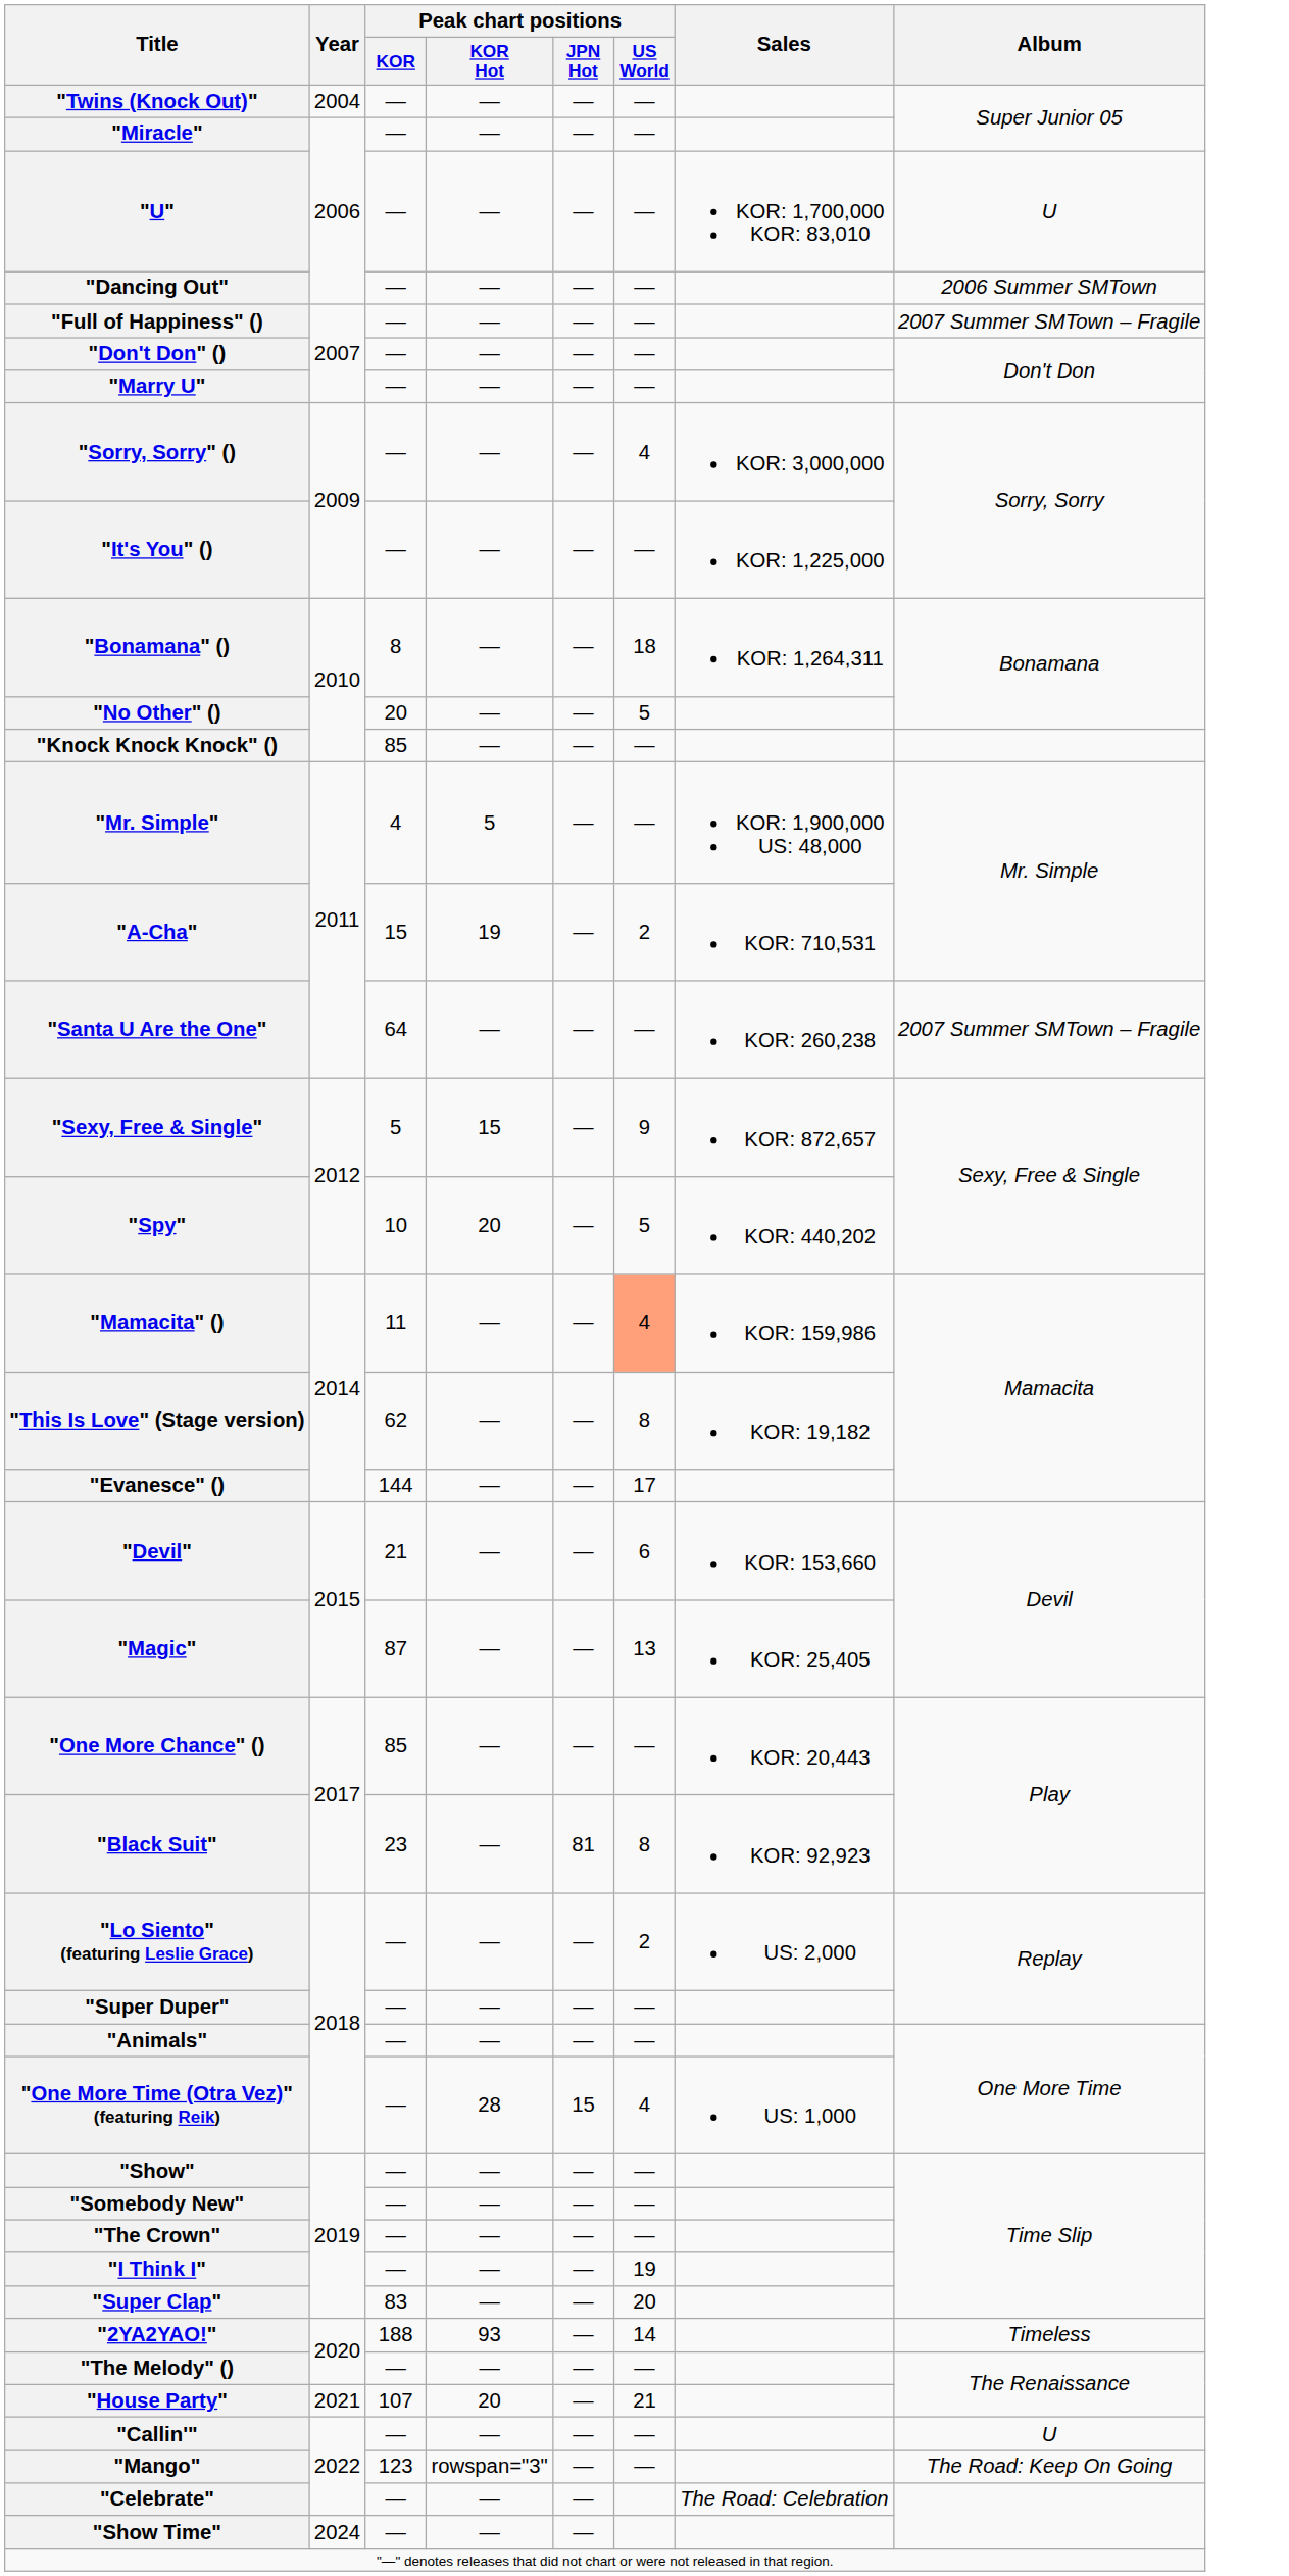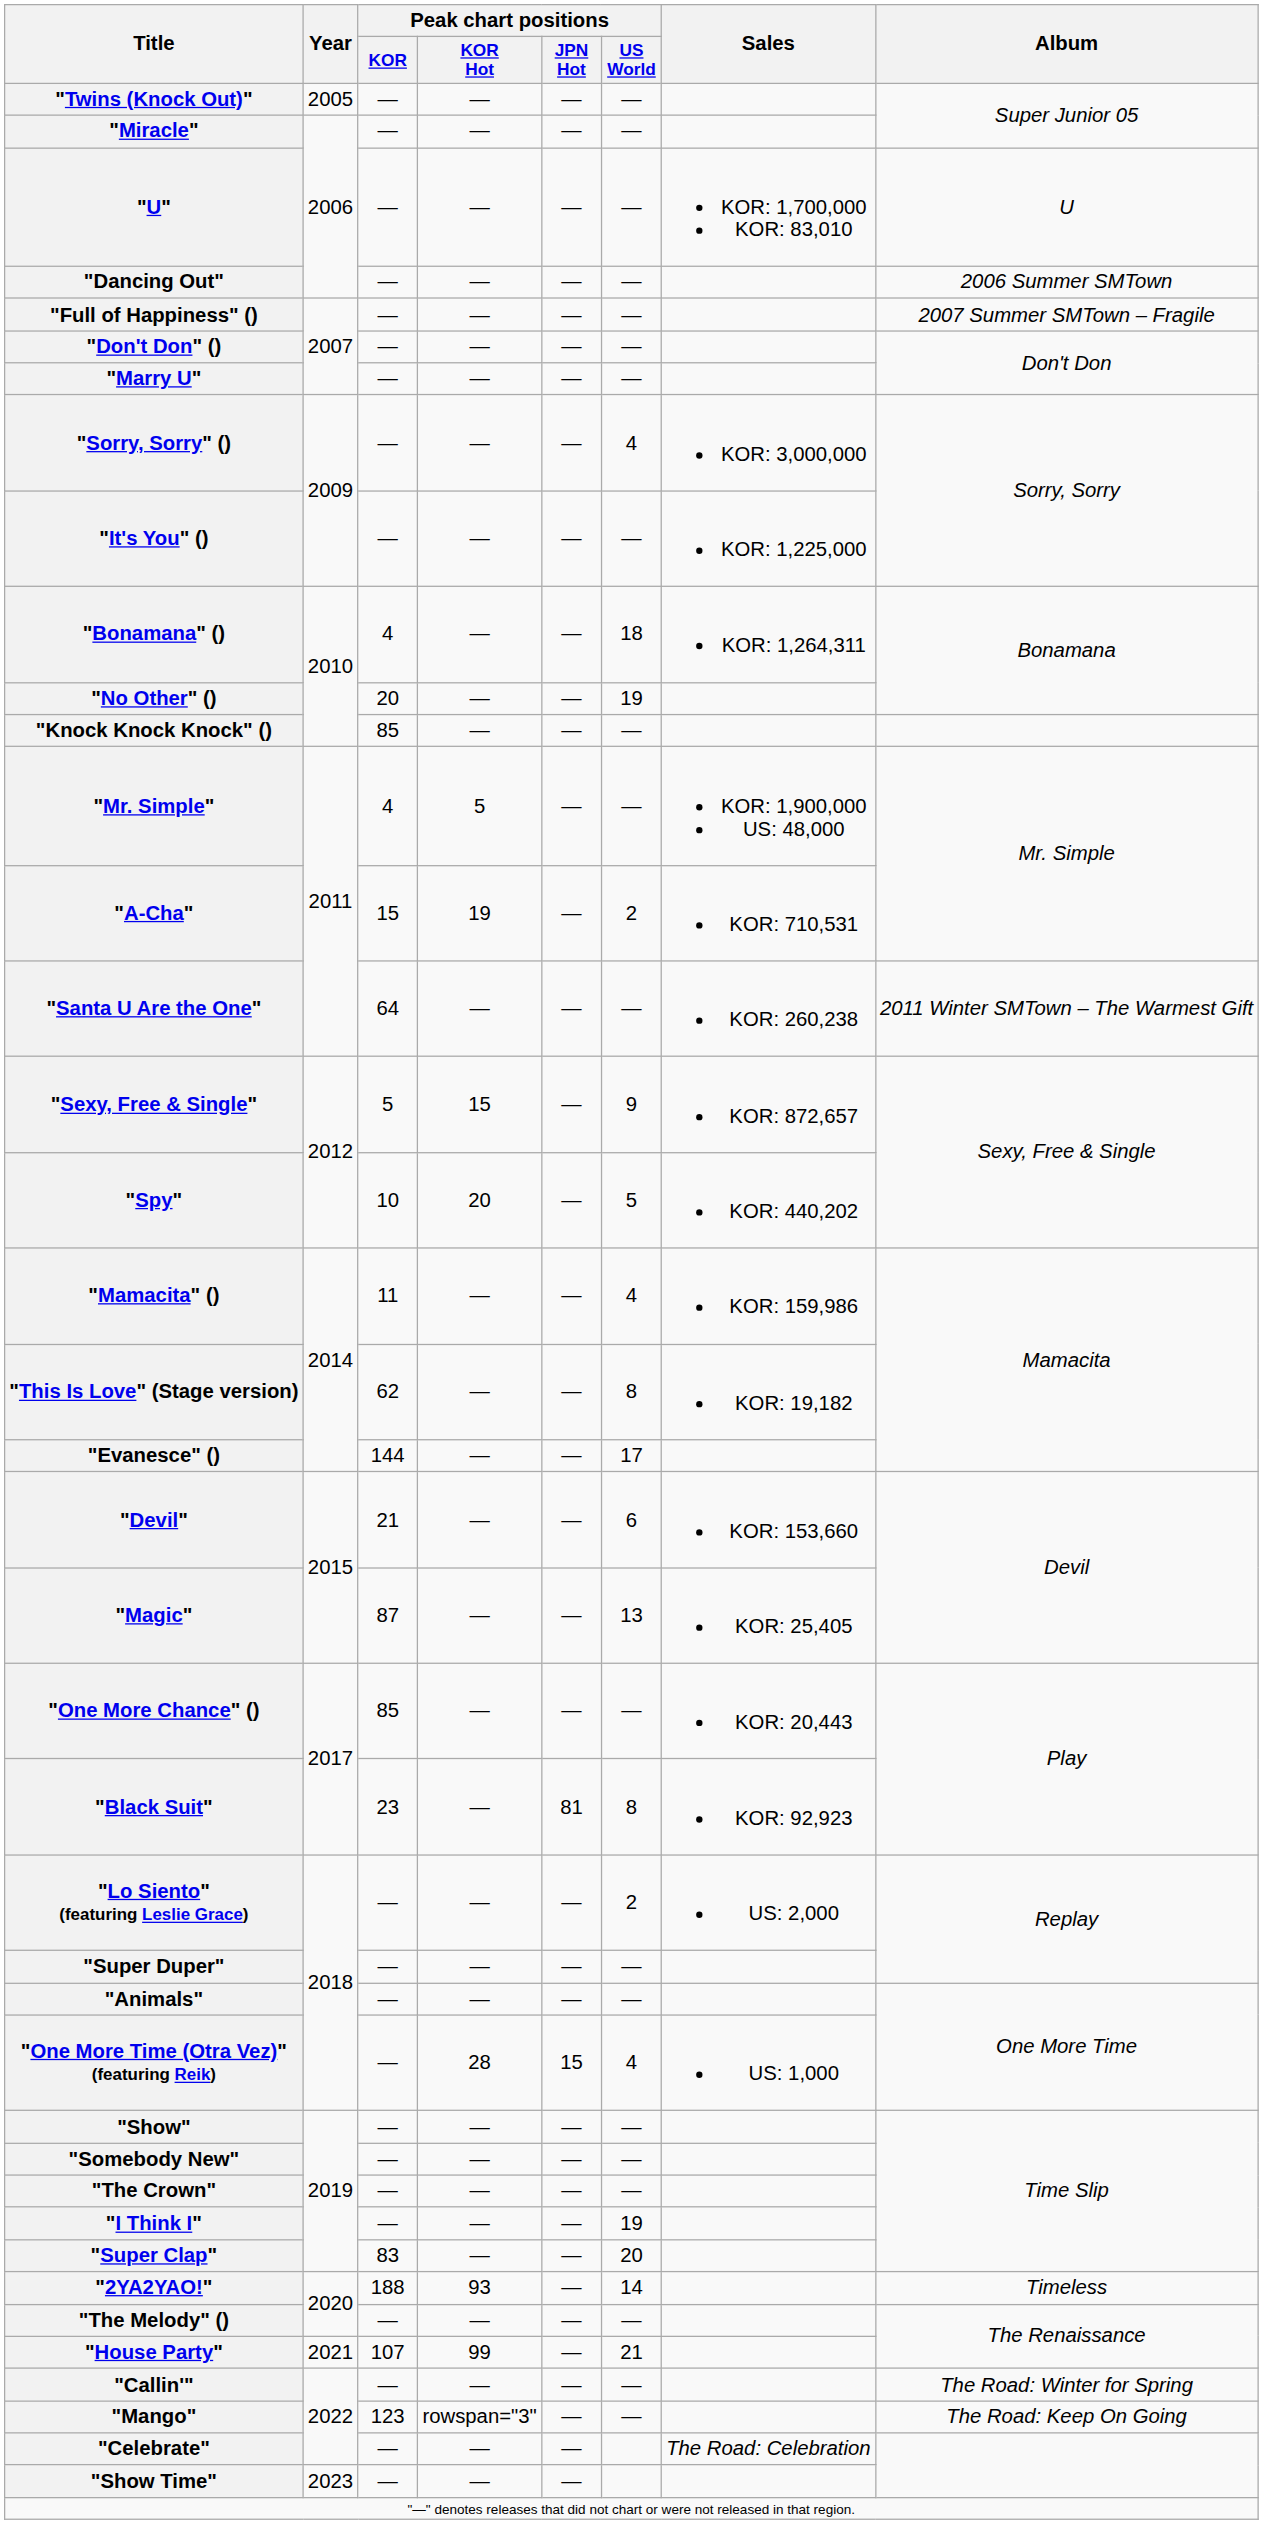 <table class="wikitable plainrowheaders" style="text-align:center;">
 <tr>
 <th scope="col" rowspan="2">Title</th>
 <th scope="col" rowspan="2">Year</th>
 <th scope="col" colspan="4">Peak chart positions</th>
 <th scope="col" rowspan="2">Sales</th>
 <th scope="col" rowspan="2">Album</th>
 </tr>
 <tr>
 <th style="width:3em;font-size:85%"><a href='#'>KOR</a><br></th>
 <th style="width:3em;font-size:85%"><a href='#'>KOR<br>Hot</a><br></th>
 <th style="width:3em;font-size:85%"><a href='#'>JPN<br>Hot</a><br></th>
 <th style="width:3em;font-size:85%"><a href='#'>US<br>World</a><br></th>
 </tr>
 <tr>
 <th scope="row">"<a href='#'>Twins (Knock Out)</a>"</th>
-<td>2004</td>
+<td>2005</td>
 <td>—</td>
 <td>—</td>
 <td>—</td>
 <td>—</td>
 <td></td>
 <td rowspan="2"><em>Super Junior 05</em></td>
 </tr>
 <tr>
 <th scope="row">"<a href='#'>Miracle</a>"</th>
 <td rowspan="3">2006</td>
 <td>—</td>
 <td>—</td>
 <td>—</td>
 <td>—</td>
 <td></td>
 </tr>
 <tr>
 <th scope="row">"<a href='#'>U</a>"</th>
 <td>—</td>
 <td>—</td>
 <td>—</td>
 <td>—</td>
 <td><br><ul><li>KOR: 1,700,000</li><li>KOR: 83,010 </li></ul></td>
 <td><em>U</em></td>
 </tr>
 <tr>
 <th scope="row">"Dancing Out"</th>
 <td>—</td>
 <td>—</td>
 <td>—</td>
 <td>—</td>
 <td></td>
 <td><em>2006 Summer SMTown</em></td>
 </tr>
 <tr>
 <th scope="row">"Full of Happiness" ()</th>
 <td rowspan="3">2007</td>
 <td>—</td>
 <td>—</td>
 <td>—</td>
 <td>—</td>
 <td></td>
 <td><em>2007 Summer SMTown – Fragile</em></td>
 </tr>
 <tr>
 <th scope="row">"<a href='#'>Don't Don</a>"  ()</th>
 <td>—</td>
 <td>—</td>
 <td>—</td>
 <td>—</td>
 <td></td>
 <td rowspan="2"><em>Don't Don</em></td>
 </tr>
 <tr>
 <th scope="row">"<a href='#'>Marry U</a>"</th>
 <td>—</td>
 <td>—</td>
 <td>—</td>
 <td>—</td>
 <td></td>
 </tr>
 <tr>
 <th scope="row">"<a href='#'>Sorry, Sorry</a>" ()</th>
 <td rowspan="2">2009</td>
 <td>—</td>
 <td>—</td>
 <td>—</td>
 <td>4</td>
 <td><br><ul><li>KOR: 3,000,000</li></ul></td>
 <td rowspan="2"><em>Sorry, Sorry</em></td>
 </tr>
 <tr>
 <th scope="row">"<a href='#'>It's You</a>" ()</th>
 <td>—</td>
 <td>—</td>
 <td>—</td>
 <td>—</td>
 <td><br><ul><li>KOR: 1,225,000</li></ul></td>
 </tr>
 <tr>
 <th scope="row">"<a href='#'>Bonamana</a>" ()</th>
 <td rowspan="3">2010</td>
-<td>8</td>
+<td>4</td>
 <td>—</td>
 <td>—</td>
 <td>18</td>
 <td><br><ul><li>KOR: 1,264,311</li></ul></td>
 <td rowspan="2"><em>Bonamana</em></td>
 </tr>
 <tr>
 <th scope="row">"<a href='#'>No Other</a>" ()</th>
 <td>20</td>
 <td>—</td>
 <td>—</td>
-<td>5</td>
+<td>19</td>
 <td></td>
 </tr>
 <tr>
 <th scope="row">"Knock Knock Knock" ()</th>
 <td>85</td>
 <td>—</td>
 <td>—</td>
 <td>—</td>
 <td></td>
 <td></td>
 </tr>
 <tr>
 <th scope="row">"<a href='#'>Mr. Simple</a>"</th>
 <td rowspan="3">2011</td>
 <td>4</td>
 <td>5</td>
 <td>—</td>
 <td>—</td>
 <td><br><ul><li>KOR: 1,900,000</li><li>US: 48,000</li></ul></td>
 <td rowspan="2"><em>Mr. Simple</em></td>
 </tr>
 <tr>
 <th scope="row">"<a href='#'>A-Cha</a>"</th>
 <td>15</td>
 <td>19</td>
 <td>—</td>
 <td>2</td>
 <td><br><ul><li>KOR: 710,531</li></ul></td>
 </tr>
 <tr>
 <th scope="row">"<a href='#'>Santa U Are the One</a>"</th>
 <td>64</td>
 <td>—</td>
 <td>—</td>
 <td>—</td>
 <td><br><ul><li>KOR: 260,238</li></ul></td>
-<td><em>2007 Summer SMTown – Fragile</em></td>
+<td><em>2011 Winter SMTown – The Warmest Gift</em></td>
 </tr>
 <tr>
 <th scope="row">"<a href='#'>Sexy, Free & Single</a>"</th>
 <td rowspan="2">2012</td>
 <td>5</td>
 <td>15</td>
 <td>—</td>
 <td>9</td>
 <td><br><ul><li>KOR: 872,657</li></ul></td>
 <td rowspan="2"><em>Sexy, Free & Single</em></td>
 </tr>
 <tr>
 <th scope="row">"<a href='#'>Spy</a>"</th>
 <td>10</td>
 <td>20</td>
 <td>—</td>
 <td>5</td>
 <td><br><ul><li>KOR: 440,202</li></ul></td>
 </tr>
 <tr>
 <th scope="row">"<a href='#'>Mamacita</a>" ()</th>
 <td rowspan="3">2014</td>
 <td>11</td>
 <td>—</td>
 <td>—</td>
-<td style="background: lightsalmon;">4</td>
+<td>4</td>
 <td><br><ul><li>KOR: 159,986</li></ul></td>
 <td rowspan="3"><em>Mamacita</em></td>
 </tr>
 <tr>
 <th scope="row">"<a href='#'>This Is Love</a>" (Stage version)</th>
 <td>62</td>
 <td>—</td>
 <td>—</td>
 <td>8</td>
 <td><br><ul><li>KOR: 19,182</li></ul></td>
 </tr>
 <tr>
 <th scope="row">"Evanesce" ()</th>
 <td>144</td>
 <td>—</td>
 <td>—</td>
 <td>17</td>
 <td></td>
 </tr>
 <tr>
 <th scope="row">"<a href='#'>Devil</a>"</th>
 <td rowspan="2">2015</td>
 <td>21</td>
 <td>—</td>
 <td>—</td>
 <td>6</td>
 <td><br><ul><li>KOR: 153,660</li></ul></td>
 <td rowspan="2"><em>Devil</em></td>
 </tr>
 <tr>
 <th scope="row">"<a href='#'>Magic</a>"</th>
 <td>87</td>
 <td>—</td>
 <td>—</td>
 <td>13</td>
 <td><br><ul><li>KOR: 25,405</li></ul></td>
 </tr>
 <tr>
 <th scope="row">"<a href='#'>One More Chance</a>" ()</th>
 <td rowspan="2">2017</td>
 <td>85</td>
 <td>—</td>
 <td>—</td>
 <td>—</td>
 <td><br><ul><li>KOR: 20,443</li></ul></td>
 <td rowspan="2"><em>Play</em></td>
 </tr>
 <tr>
 <th scope="row">"<a href='#'>Black Suit</a>"</th>
 <td>23</td>
 <td>—</td>
 <td>81</td>
 <td>8</td>
 <td><br><ul><li>KOR: 92,923</li></ul></td>
 </tr>
 <tr>
 <th scope="row">"<a href='#'>Lo Siento</a>"<br><small>(featuring <a href='#'>Leslie Grace</a>)</small></th>
 <td rowspan="4">2018</td>
 <td>—</td>
 <td>—</td>
 <td>—</td>
 <td>2</td>
 <td><br><ul><li>US: 2,000</li></ul></td>
 <td rowspan="2"><em>Replay</em></td>
 </tr>
 <tr>
 <th scope="row">"Super Duper"</th>
 <td>—</td>
 <td>—</td>
 <td>—</td>
 <td>—</td>
 <td></td>
 </tr>
 <tr>
 <th scope="row">"Animals"</th>
 <td>—</td>
 <td>—</td>
 <td>—</td>
 <td>—</td>
 <td></td>
 <td rowspan="2"><em>One More Time</em></td>
 </tr>
 <tr>
 <th scope="row">"<a href='#'>One More Time (Otra Vez)</a>"<br><small>(featuring <a href='#'>Reik</a>)</small></th>
 <td>—</td>
 <td>28</td>
 <td>15</td>
 <td>4</td>
 <td><br><ul><li>US: 1,000</li></ul></td>
 </tr>
 <tr>
 <th scope="row">"Show"</th>
 <td rowspan="5">2019</td>
 <td>—</td>
 <td>—</td>
 <td>—</td>
 <td>—</td>
 <td></td>
 <td rowspan="5"><em>Time Slip</em></td>
 </tr>
 <tr>
 <th scope="row">"Somebody New"</th>
 <td>—</td>
 <td>—</td>
 <td>—</td>
 <td>—</td>
 <td></td>
 </tr>
 <tr>
 <th scope="row">"The Crown"</th>
 <td>—</td>
 <td>—</td>
 <td>—</td>
 <td>—</td>
 <td></td>
 </tr>
 <tr>
 <th scope="row">"<a href='#'>I Think I</a>"</th>
 <td>—</td>
 <td>—</td>
 <td>—</td>
 <td>19</td>
 <td></td>
 </tr>
 <tr>
 <th scope="row">"<a href='#'>Super Clap</a>"</th>
 <td>83</td>
 <td>—</td>
 <td>—</td>
 <td>20</td>
 <td></td>
 </tr>
 <tr>
 <th scope="row">"<a href='#'>2YA2YAO!</a>"</th>
 <td rowspan="2">2020</td>
 <td>188</td>
 <td>93</td>
 <td>—</td>
 <td>14</td>
 <td></td>
 <td><em>Timeless</em></td>
 </tr>
 <tr>
 <th scope="row">"The Melody" ()</th>
 <td>—</td>
 <td>—</td>
 <td>—</td>
 <td>—</td>
 <td></td>
 <td rowspan="2"><em>The Renaissance</em></td>
 </tr>
 <tr>
 <th scope="row">"<a href='#'>House Party</a>"</th>
 <td>2021</td>
 <td>107</td>
-<td>20</td>
+<td>99</td>
 <td>—</td>
 <td>21</td>
 <td></td>
 </tr>
 <tr>
 <th scope="row">"Callin'"</th>
 <td rowspan="3">2022</td>
 <td>—</td>
 <td>—</td>
 <td>—</td>
 <td>—</td>
 <td></td>
-<td><em>U</em></td>
+<td><em>The Road: Winter for Spring</em></td>
 </tr>
 <tr>
 <th scope="row">"Mango"</th>
 <td>123</td>
 <td>rowspan="3" </td>
 <td>—</td>
 <td>—</td>
 <td></td>
 <td><em>The Road: Keep On Going</em></td>
 </tr>
 <tr>
 <th scope="row">"Celebrate"</th>
 <td>—</td>
 <td>—</td>
 <td>—</td>
 <td></td>
 <td><em>The Road: Celebration</em></td>
 </tr>
 <tr>
 <th scope="row">"Show Time"</th>
-<td>2024</td>
+<td>2023</td>
 <td>—</td>
 <td>—</td>
 <td>—</td>
 <td></td>
 <td></td>
 </tr>
 <tr>
 <td colspan="11" style="text-align:center; font-size:8pt;">"—" denotes releases that did not chart or were not released in that region.</td>
 </tr>
 </table>
